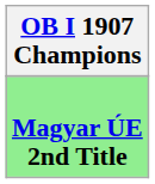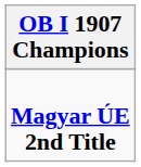 <table class="wikitable" style="text-align: center; margin: 0 auto;">
 <tr>
 <th><a href='#'>OB I</a> 1907<br>Champions</th>
 </tr>
 <tr>
 </tr>
 <tr>
-<td style="background: lightgreen;"><br><strong><a href='#'>Magyar ÚE</a></strong><br><strong>2nd Title</strong></td>
+<td><br><strong><a href='#'>Magyar ÚE</a></strong><br><strong>2nd Title</strong></td>
 </tr>
 </table>
